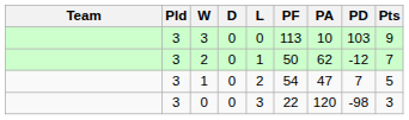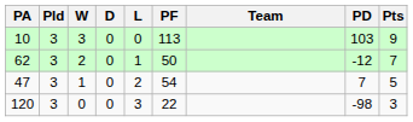 <table class="wikitable" style="text-align:center;">
 <tr>
-<th width=175>Team</th>
+<th width=32 abbr="Points against">PA</th>
 <th width=25 abbr="Played">Pld</th>
 <th width=25 abbr="Won">W</th>
 <th width=25 abbr="Drawn">D</th>
 <th width=25 abbr="Lost">L</th>
 <th width=32 abbr="Points for">PF</th>
-<th width=32 abbr="Points against">PA</th>
+<th width=175>Team</th>
 <th width=32 abbr="Points difference">PD</th>
 <th width=25 abbr="Points">Pts</th>
 </tr>
 <tr bgcolor="#ccffcc">
-<td align=left></td>
+<td>10</td>
 <td>3</td>
 <td>3</td>
 <td>0</td>
 <td>0</td>
 <td>113</td>
-<td>10</td>
+<td align=left></td>
 <td>103</td>
 <td>9</td>
 </tr>
 <tr bgcolor="#ccffcc">
-<td align=left></td>
+<td>62</td>
 <td>3</td>
 <td>2</td>
 <td>0</td>
 <td>1</td>
 <td>50</td>
-<td>62</td>
+<td align=left></td>
 <td>-12</td>
 <td>7</td>
 </tr>
 <tr>
-<td align=left></td>
+<td>47</td>
 <td>3</td>
 <td>1</td>
 <td>0</td>
 <td>2</td>
 <td>54</td>
-<td>47</td>
+<td align=left></td>
 <td>7</td>
 <td>5</td>
 </tr>
 <tr>
-<td align=left></td>
+<td>120</td>
 <td>3</td>
 <td>0</td>
 <td>0</td>
 <td>3</td>
 <td>22</td>
-<td>120</td>
+<td align=left></td>
 <td>-98</td>
 <td>3</td>
 </tr>
 </table>
